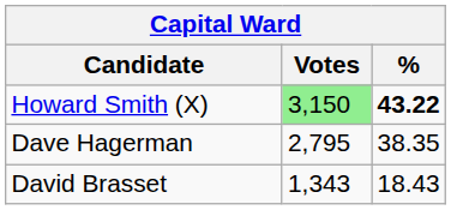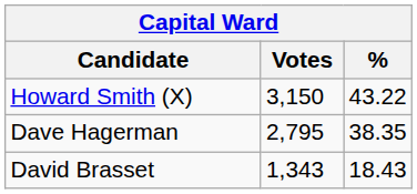 <table class="wikitable">
 <tr>
 <th colspan="3"><a href='#'>Capital Ward</a></th>
 </tr>
 <tr>
 <th style="width: 170px">Candidate</th>
 <th style="width: 50px">Votes</th>
 <th style="width: 40px">%</th>
 </tr>
 <tr>
 <td><a href='#'>Howard Smith</a> (X)</td>
-<td style="background: lightgreen;">3,150</td>
-<td><strong>43.22</strong></td>
+<td>3,150</td>
+<td>43.22</td>
 </tr>
 <tr>
 <td>Dave Hagerman</td>
 <td>2,795</td>
 <td>38.35</td>
 </tr>
 <tr>
 <td>David Brasset</td>
 <td>1,343</td>
 <td>18.43</td>
 </tr>
 </table>
